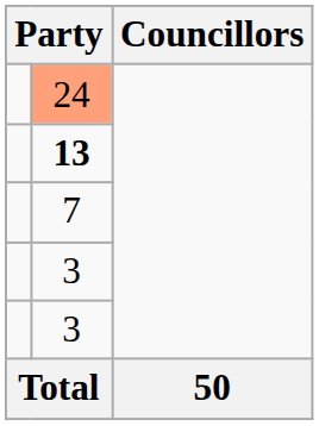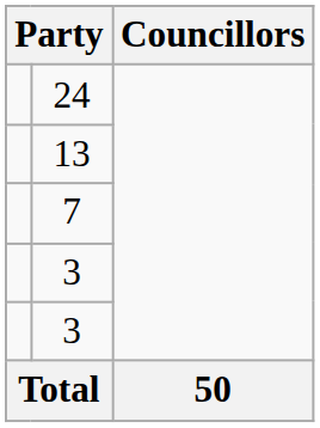 <table class="wikitable">
 <tr>
 <th colspan=2>Party</th>
 <th>Councillors</th>
 </tr>
 <tr>
 <td></td>
-<td align=center style="background: lightsalmon;">24</td>
+<td align=center>24</td>
 </tr>
 <tr>
 <td></td>
-<td align=center><strong>13</strong></td>
+<td align=center>13</td>
 </tr>
 <tr>
 <td></td>
 <td align=center>7</td>
 </tr>
 <tr>
 <td></td>
 <td align=center>3</td>
 </tr>
 <tr>
 <td></td>
 <td align=center>3</td>
 </tr>
 <tr>
 <th colspan=2>Total</th>
 <th align=center>50</th>
 </tr>
 </table>
